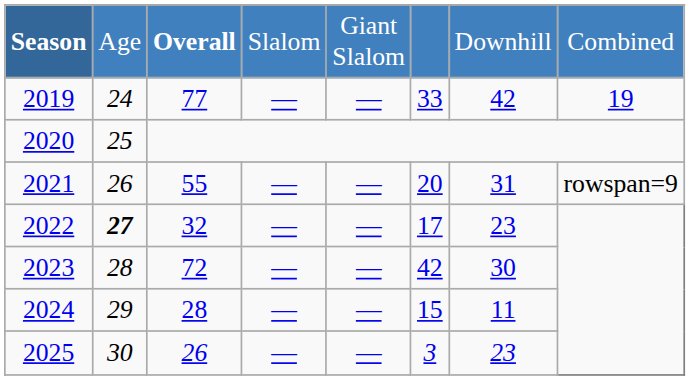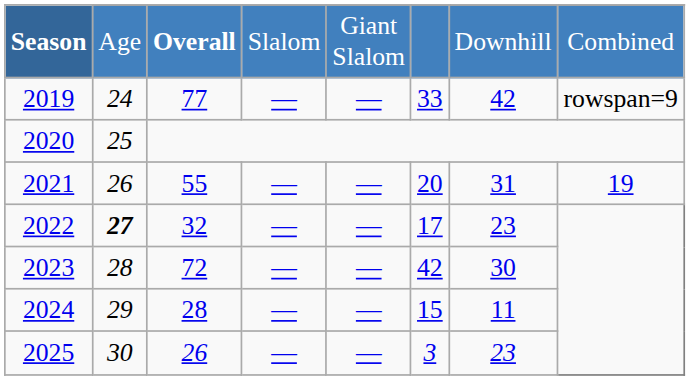 <table class="wikitable"  style="font-size:95%; text-align:center; border:gray solid 1px; width:40%;">
 <tr style="background:#369; color:white;">
 <td rowspan="2" style="width:4%;"><strong>Season</strong></td>
 </tr>
 <tr style="background:#4180be; color:white;">
 <td style="width:3%;">Age</td>
 <td style="width:5%;"><strong>Overall</strong></td>
 <td style="width:5%;">Slalom</td>
 <td style="width:5%;">Giant Slalom</td>
 <td style="width:5%;"></td>
 <td style="width:5%;">Downhill</td>
 <td style="width:5%;">Combined</td>
 </tr>
 <tr>
 <td><a href='#'>2019</a></td>
 <td><em>24</em></td>
 <td><a href='#'>77</a></td>
 <td><a href='#'>—</a></td>
 <td><a href='#'>—</a></td>
 <td><a href='#'>33</a></td>
 <td><a href='#'>42</a></td>
-<td><a href='#'>19</a></td>
+<td>rowspan=9 </td>
 </tr>
 <tr>
 <td><a href='#'>2020</a></td>
 <td><em>25</em></td>
 <td colspan=6></td>
 </tr>
 <tr>
 <td><a href='#'>2021</a></td>
 <td><em>26</em></td>
 <td><a href='#'>55</a></td>
 <td><a href='#'>—</a></td>
 <td><a href='#'>—</a></td>
 <td><a href='#'>20</a></td>
 <td><a href='#'>31</a></td>
-<td>rowspan=9 </td>
+<td><a href='#'>19</a></td>
 </tr>
 <tr>
 <td><a href='#'>2022</a></td>
 <td><strong><em>27</em></strong></td>
 <td><a href='#'>32</a></td>
 <td><a href='#'>—</a></td>
 <td><a href='#'>—</a></td>
 <td><a href='#'>17</a></td>
 <td><a href='#'>23</a></td>
 </tr>
 <tr>
 <td><a href='#'>2023</a></td>
 <td><em>28</em></td>
 <td><a href='#'>72</a></td>
 <td><a href='#'>—</a></td>
 <td><a href='#'>—</a></td>
 <td><a href='#'>42</a></td>
 <td><a href='#'>30</a></td>
 </tr>
 <tr>
 <td><a href='#'>2024</a></td>
 <td><em>29</em></td>
 <td><a href='#'>28</a></td>
 <td><a href='#'>—</a></td>
 <td><a href='#'>—</a></td>
 <td><a href='#'>15</a></td>
 <td><a href='#'>11</a></td>
 </tr>
 <tr>
 <td><a href='#'>2025</a></td>
 <td><em>30</em></td>
 <td><a href='#'><em>26</em></a></td>
 <td><a href='#'>—</a></td>
 <td><a href='#'>—</a></td>
 <td><a href='#'><em>3</em></a></td>
 <td><a href='#'><em>23</em></a></td>
 </tr>
 </table>
